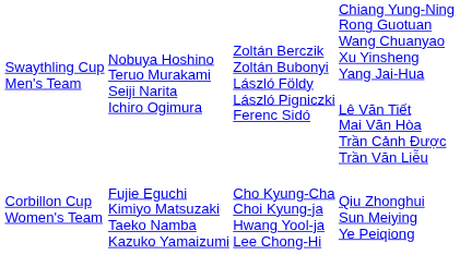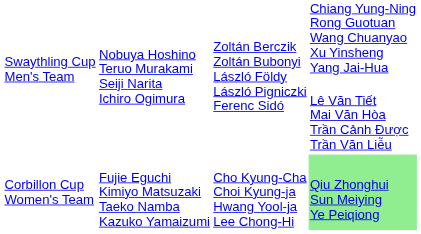 <table>
 <tr>
 <td rowspan=2><a href='#'>Swaythling Cup<br>Men's Team</a></td>
 <td rowspan=2><br><a href='#'>Nobuya Hoshino</a><br><a href='#'>Teruo Murakami</a><br><a href='#'>Seiji Narita</a><br><a href='#'>Ichiro Ogimura</a></td>
 <td rowspan=2><br><a href='#'>Zoltán Berczik</a><br><a href='#'>Zoltán Bubonyi</a><br><a href='#'>László Földy</a><br><a href='#'>László Pigniczki</a><br><a href='#'>Ferenc Sidó</a></td>
 <td><br><a href='#'>Chiang Yung-Ning</a><br><a href='#'>Rong Guotuan</a><br><a href='#'>Wang Chuanyao</a><br><a href='#'>Xu Yinsheng</a><br><a href='#'>Yang Jai-Hua</a></td>
 </tr>
 <tr>
 <td><br><a href='#'>Lê Văn Tiết</a><br><a href='#'>Mai Văn Hòa</a><br><a href='#'>Trần Cảnh Được</a><br><a href='#'>Trần Văn Liễu</a></td>
 </tr>
 <tr>
 <td><a href='#'>Corbillon Cup<br>Women's Team</a></td>
 <td><br><a href='#'>Fujie Eguchi</a><br><a href='#'>Kimiyo Matsuzaki</a><br><a href='#'>Taeko Namba</a><br><a href='#'>Kazuko Yamaizumi</a></td>
 <td><br><a href='#'>Cho Kyung-Cha</a><br><a href='#'>Choi Kyung-ja</a><br><a href='#'>Hwang Yool-ja</a><br><a href='#'>Lee Chong-Hi</a></td>
-<td><br><a href='#'>Qiu Zhonghui</a><br><a href='#'>Sun Meiying</a><br><a href='#'>Ye Peiqiong</a></td>
+<td style="background: lightgreen;"><br><a href='#'>Qiu Zhonghui</a><br><a href='#'>Sun Meiying</a><br><a href='#'>Ye Peiqiong</a></td>
 </tr>
 </table>
